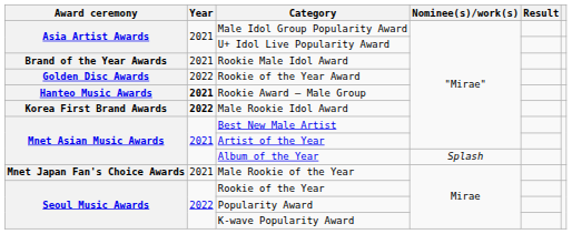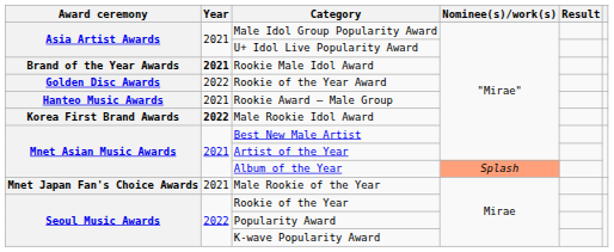 <table class="wikitable plainrowheaders sortable">
 <tr>
 <th scope="col">Award ceremony</th>
 <th scope="col">Year</th>
 <th scope="col">Category</th>
 <th scope="col">Nominee(s)/work(s)</th>
 <th scope="col">Result</th>
 <th scope="col" class="unsortable"></th>
 </tr>
 <tr>
 <th scope="row" rowspan="2"><a href='#'>Asia Artist Awards</a></th>
 <td rowspan="2" style="text-align:center">2021</td>
 <td>Male Idol Group Popularity Award</td>
 <td rowspan="8" style="text-align:center">"Mirae"</td>
 <td></td>
 <td style="text-align:center"></td>
 </tr>
 <tr>
 <td>U+ Idol Live Popularity Award</td>
 <td></td>
 <td style="text-align:center"></td>
 </tr>
 <tr>
 <th scope="row">Brand of the Year Awards</th>
-<td style="text-align:center">2021</td>
+<td style="text-align:center"><strong>2021</strong></td>
 <td>Rookie Male Idol Award</td>
 <td></td>
 <td style="text-align:center"></td>
 </tr>
 <tr>
 <th scope="row"><a href='#'>Golden Disc Awards</a></th>
 <td style="text-align:center">2022</td>
 <td>Rookie of the Year Award</td>
 <td></td>
 <td style="text-align:center"></td>
 </tr>
 <tr>
 <th scope="row"><a href='#'>Hanteo Music Awards</a></th>
-<td style="text-align:center"><strong>2021</strong></td>
+<td style="text-align:center">2021</td>
 <td>Rookie Award – Male Group</td>
 <td></td>
 <td style="text-align:center"></td>
 </tr>
 <tr>
 <th scope="row">Korea First Brand Awards</th>
 <td style="text-align:center"><strong>2022</strong></td>
 <td>Male Rookie Idol Award</td>
 <td></td>
 <td style="text-align:center"></td>
 </tr>
 <tr>
 <th scope="row" rowspan="3"><a href='#'>Mnet Asian Music Awards</a></th>
 <td rowspan="3" style="text-align:center"><a href='#'>2021</a></td>
 <td><a href='#'>Best New Male Artist</a></td>
 <td></td>
 <td rowspan="3" style="text-align:center"></td>
 </tr>
 <tr>
 <td><a href='#'>Artist of the Year</a></td>
 <td></td>
 </tr>
 <tr>
 <td><a href='#'>Album of the Year</a></td>
-<td style="text-align:center"><em>Splash</em></td>
+<td style="background: lightsalmon; text-align:center"><em>Splash</em></td>
 <td></td>
 </tr>
 <tr>
 <th scope="row">Mnet Japan Fan's Choice Awards</th>
 <td style="text-align:center">2021</td>
 <td>Male Rookie of the Year</td>
 <td rowspan="4" style="text-align:center">Mirae</td>
 <td></td>
 <td style="text-align:center"></td>
 </tr>
 <tr>
 <th scope="row" rowspan="3"><a href='#'>Seoul Music Awards</a></th>
 <td rowspan="3" style="text-align:center"><a href='#'>2022</a></td>
 <td>Rookie of the Year</td>
 <td></td>
 <td rowspan="3" style="text-align:center"></td>
 </tr>
 <tr>
 <td>Popularity Award</td>
 <td></td>
 </tr>
 <tr>
 <td>K-wave Popularity Award</td>
 <td></td>
 </tr>
 </table>
